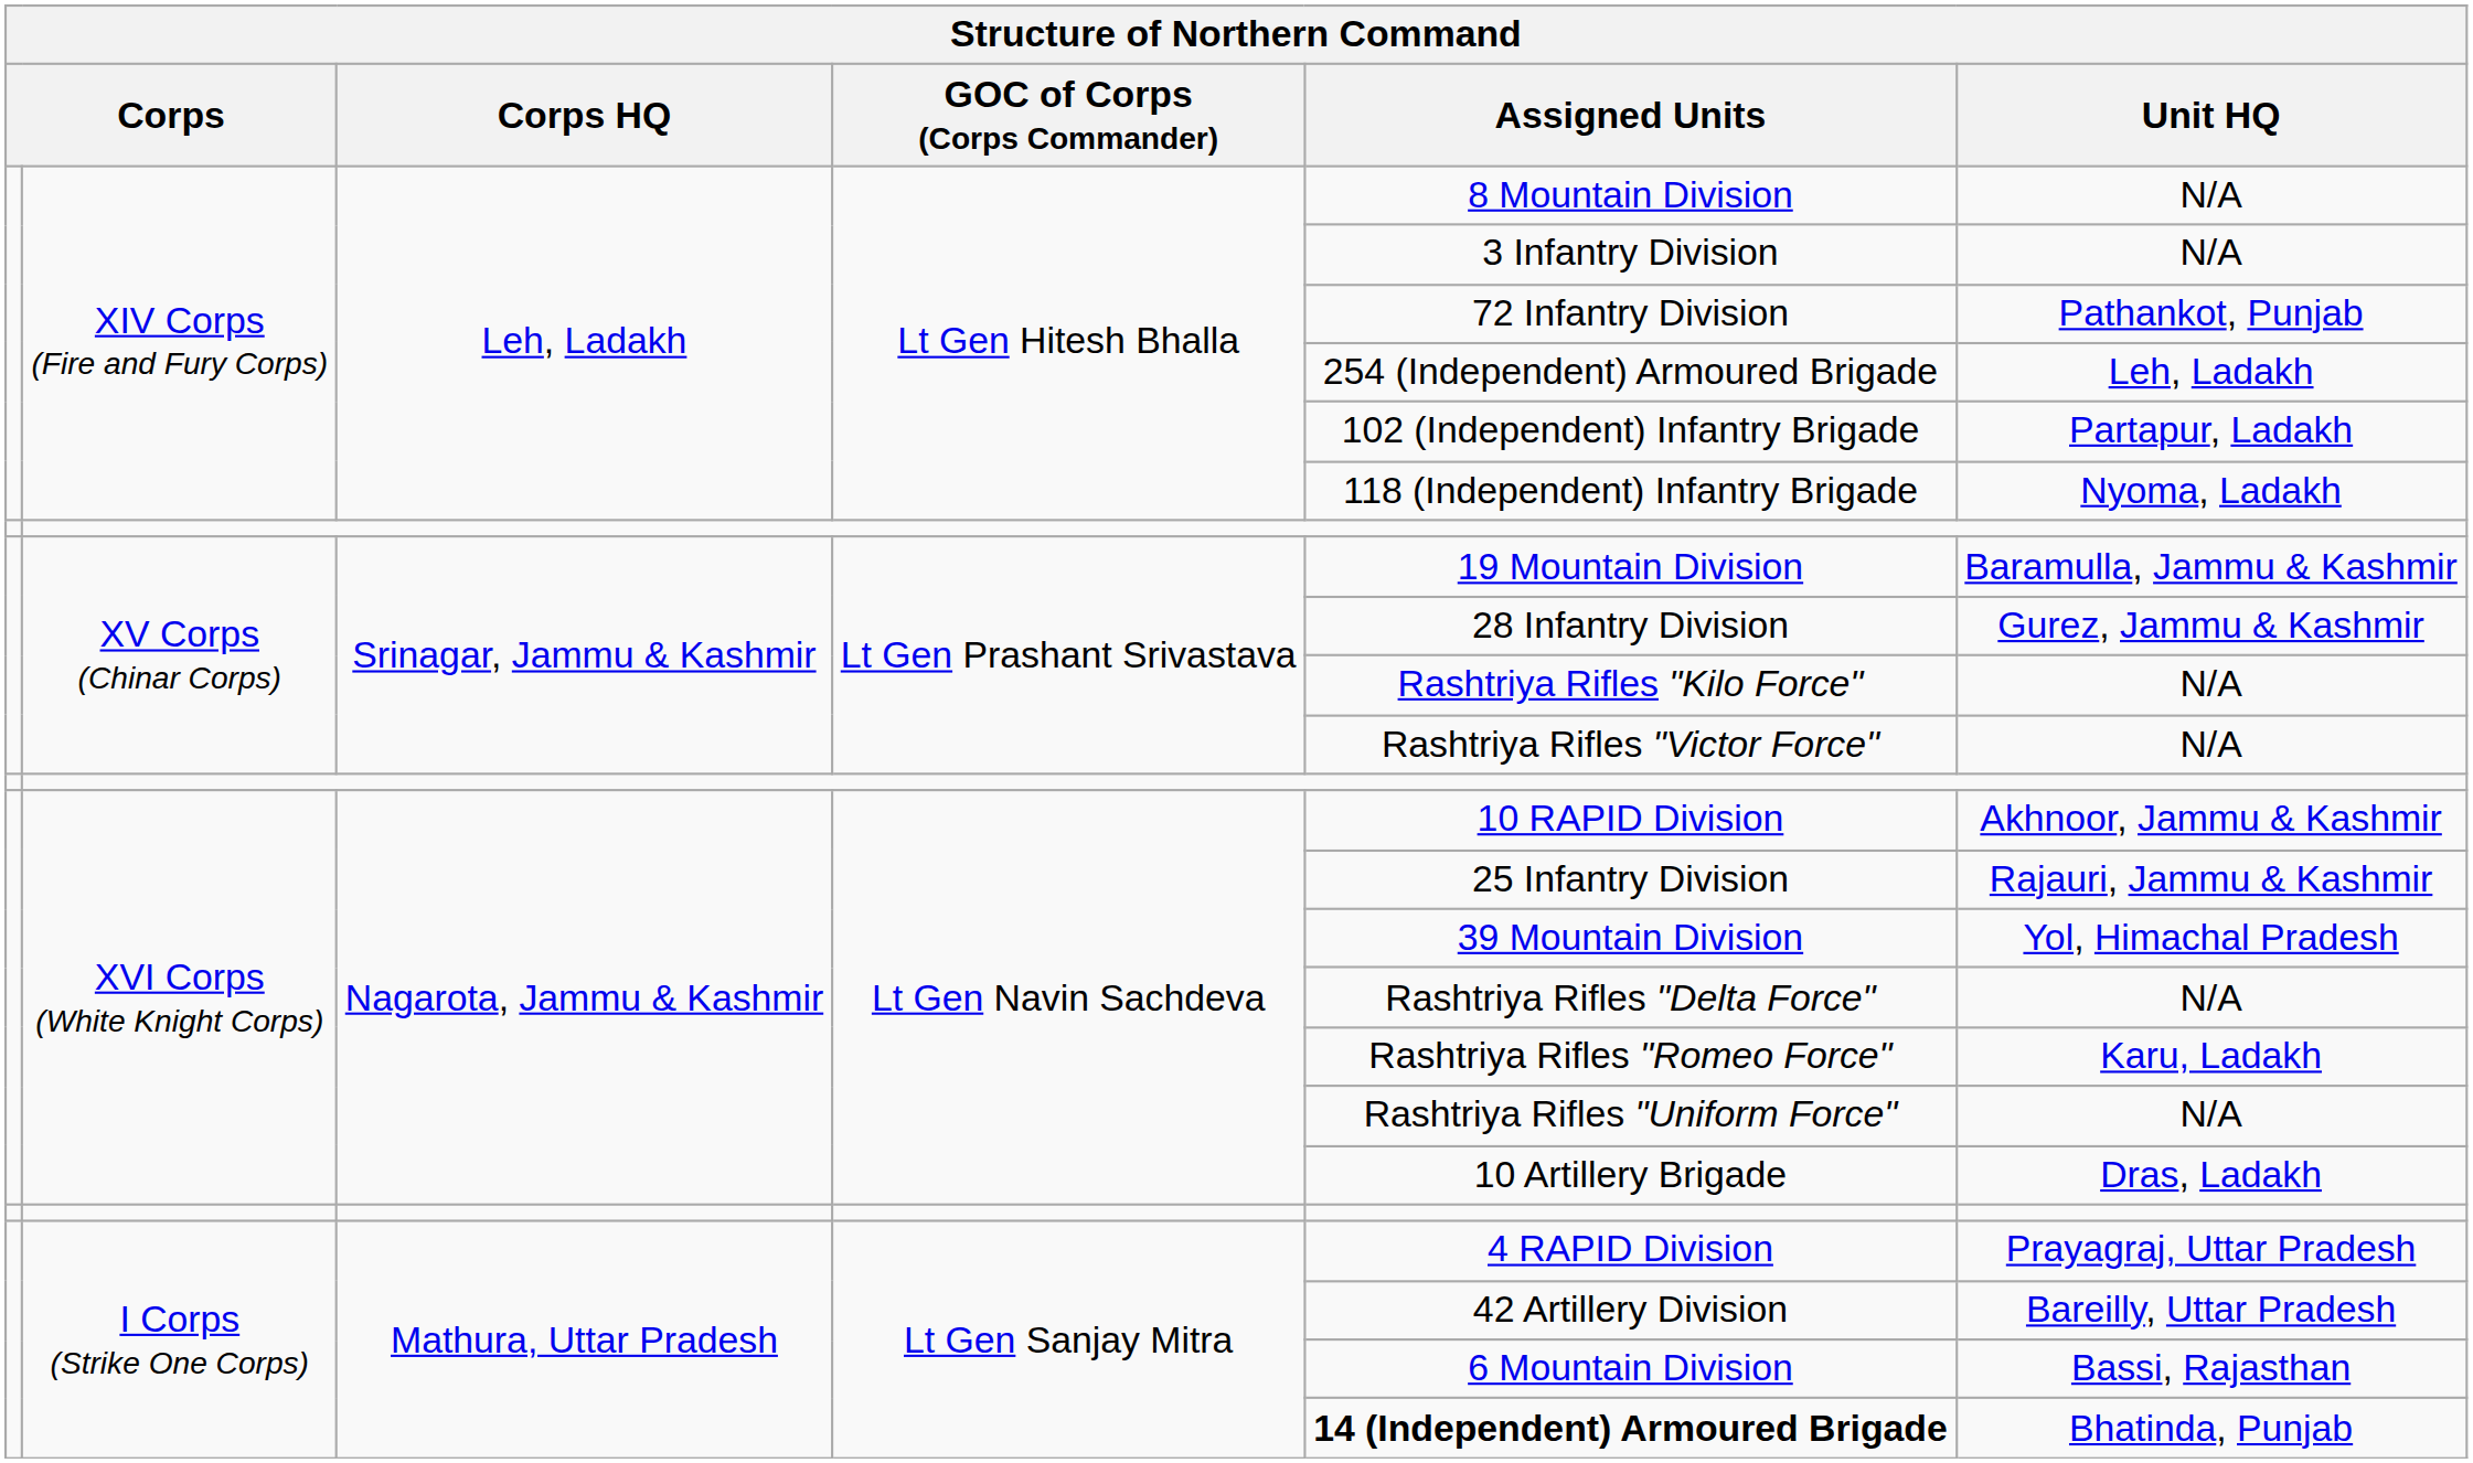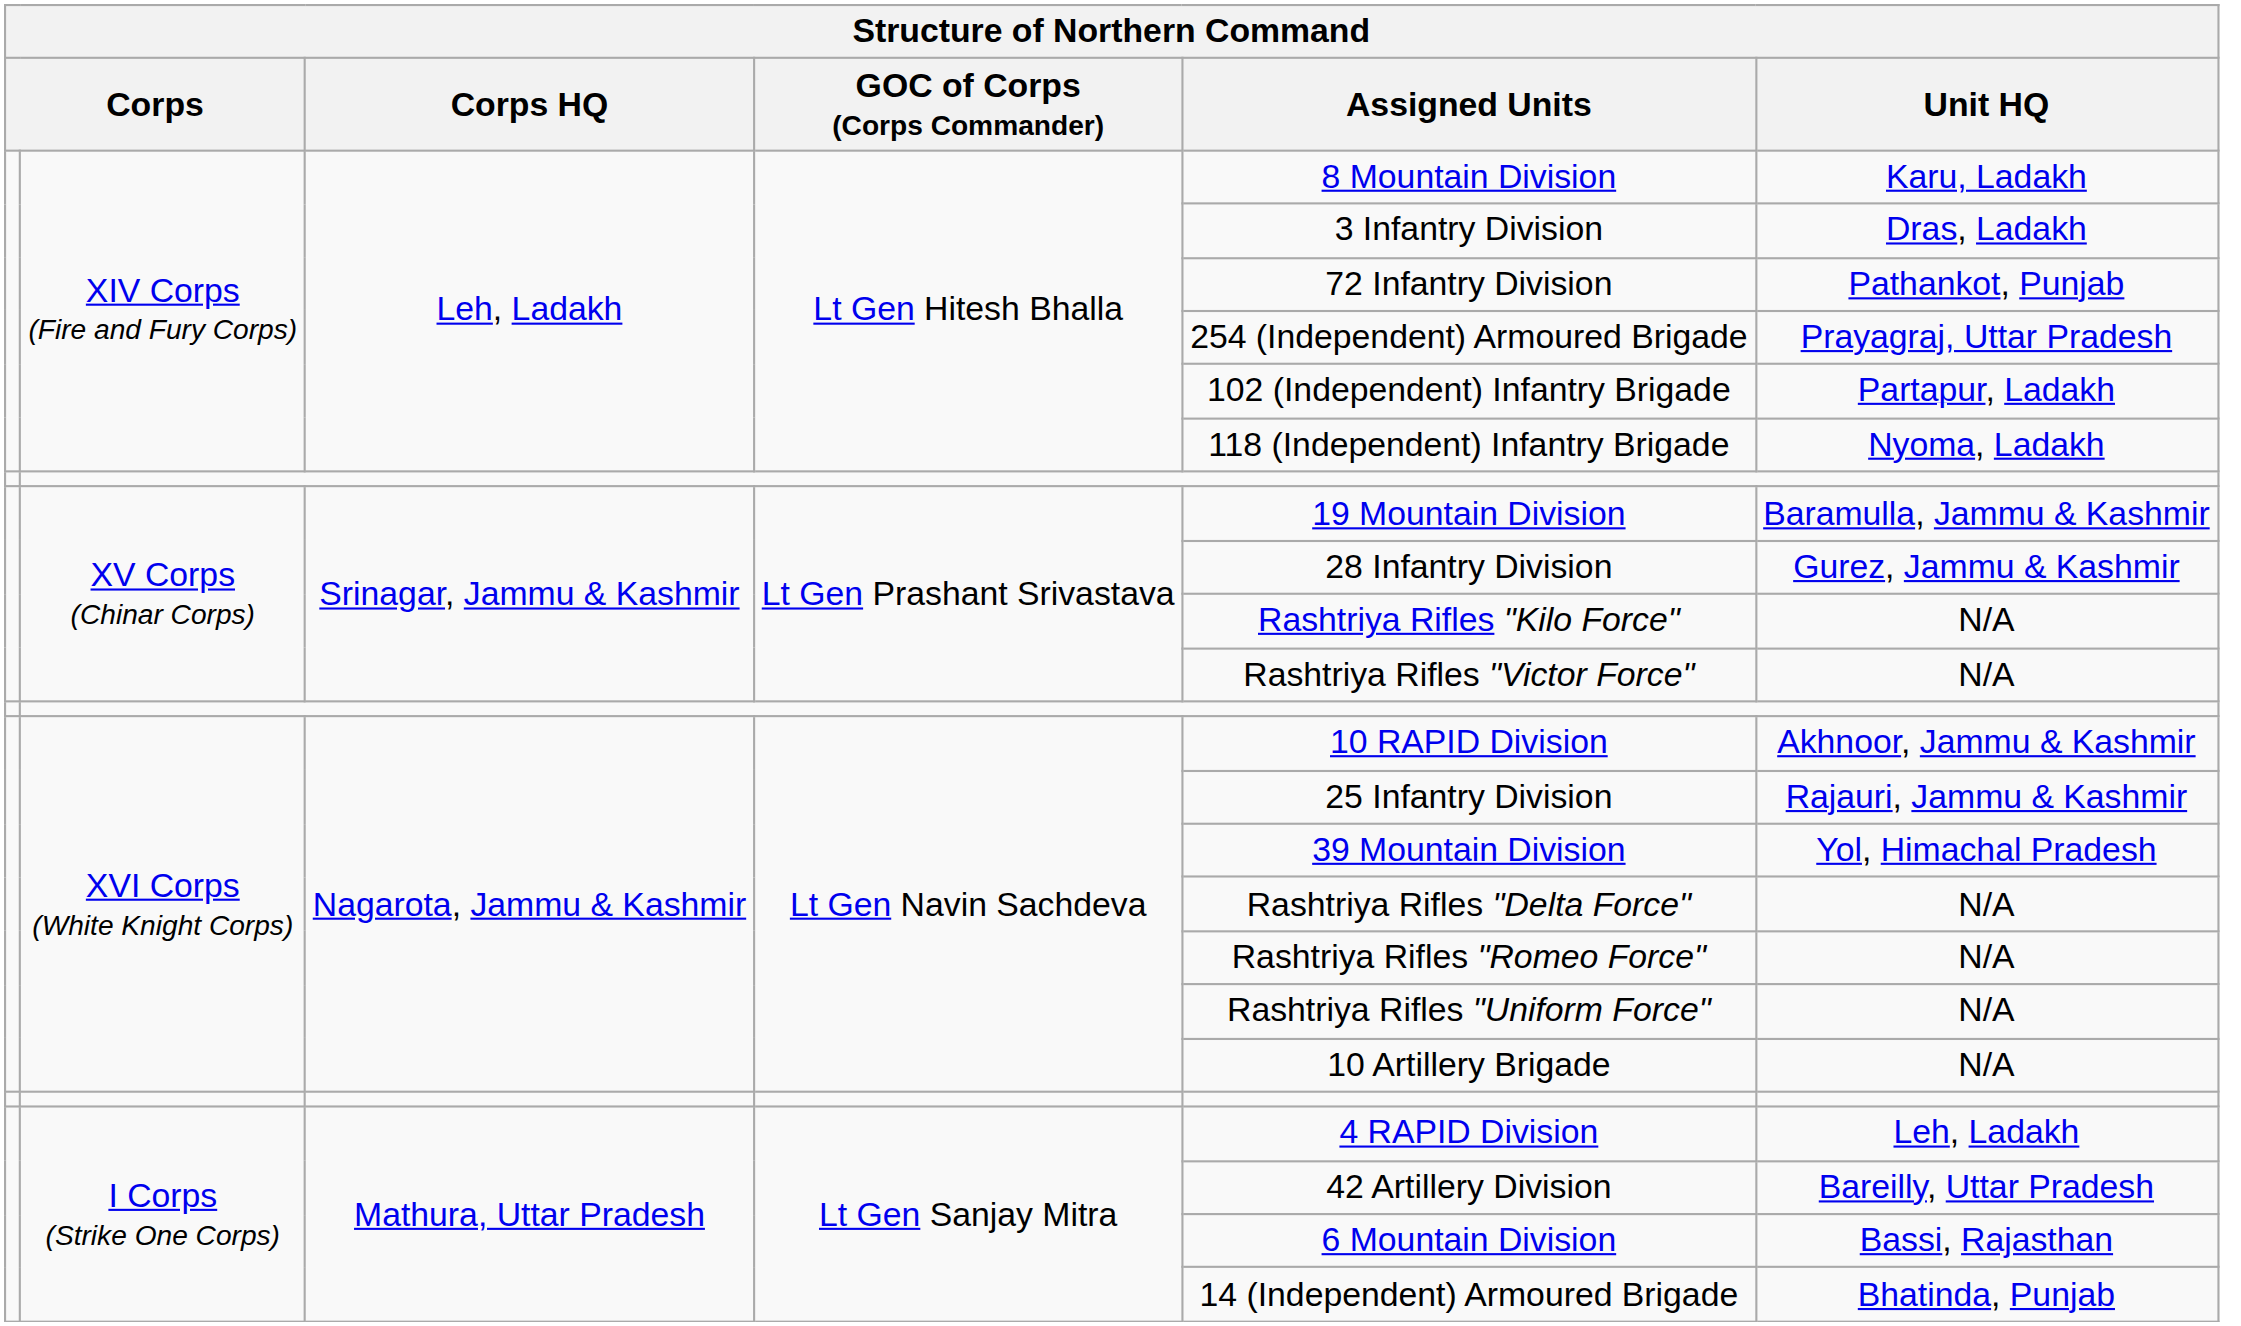 <table class="wikitable" style="text-align:center">
 <tr>
 <th colspan="6">Structure of Northern Command</th>
 </tr>
 <tr>
 <th colspan="2">Corps</th>
 <th>Corps HQ</th>
 <th>GOC of Corps<br><small>(Corps Commander)</small></th>
 <th>Assigned Units</th>
 <th>Unit HQ</th>
 </tr>
 <tr>
 <td rowspan="6"></td>
 <td rowspan="6"><a href='#'>XIV Corps</a><br><em><small>(Fire and Fury Corps)</small></em></td>
 <td rowspan="6"><a href='#'>Leh</a>, <a href='#'>Ladakh</a></td>
 <td rowspan="6"><a href='#'>Lt Gen</a> Hitesh Bhalla</td>
 <td><a href='#'>8 Mountain Division</a></td>
-<td>N/A</td>
+<td><a href='#'>Karu, Ladakh</a></td>
 </tr>
 <tr>
 <td>3 Infantry Division</td>
-<td>N/A</td>
+<td><a href='#'>Dras</a>, <a href='#'>Ladakh</a></td>
 </tr>
 <tr>
 <td>72 Infantry Division</td>
 <td><a href='#'>Pathankot</a>, <a href='#'>Punjab</a></td>
 </tr>
 <tr>
 <td>254 (Independent) Armoured Brigade</td>
-<td><a href='#'>Leh</a>, <a href='#'>Ladakh</a></td>
+<td><a href='#'>Prayagraj, Uttar Pradesh</a></td>
 </tr>
 <tr>
 <td>102 (Independent) Infantry Brigade</td>
 <td><a href='#'>Partapur</a>, <a href='#'>Ladakh</a></td>
 </tr>
 <tr>
 <td>118 (Independent) Infantry Brigade</td>
 <td><a href='#'>Nyoma</a>, <a href='#'>Ladakh</a></td>
 </tr>
 <tr>
 <td></td>
 <td colspan="5"></td>
 </tr>
 <tr>
 <td rowspan="4"></td>
 <td rowspan="4"><a href='#'>XV Corps</a><br><em><small>(Chinar Corps)</small></em></td>
 <td rowspan="4"><a href='#'>Srinagar</a>, <a href='#'>Jammu & Kashmir</a></td>
 <td rowspan="4"><a href='#'>Lt Gen</a> Prashant Srivastava</td>
 <td><a href='#'>19 Mountain Division</a></td>
 <td><a href='#'>Baramulla</a>, <a href='#'>Jammu & Kashmir</a></td>
 </tr>
 <tr>
 <td>28 Infantry Division</td>
 <td><a href='#'>Gurez</a>, <a href='#'>Jammu & Kashmir</a></td>
 </tr>
 <tr>
 <td><a href='#'>Rashtriya Rifles</a> <em>"Kilo Force"</em></td>
 <td>N/A</td>
 </tr>
 <tr>
 <td>Rashtriya Rifles <em>"Victor Force"</em></td>
 <td>N/A</td>
 </tr>
 <tr>
 <td></td>
 <td colspan="5"></td>
 </tr>
 <tr>
 <td rowspan="7"></td>
 <td rowspan="7"><a href='#'>XVI Corps</a><br><em><small>(White Knight Corps)</small></em></td>
 <td rowspan="7"><a href='#'>Nagarota</a>, <a href='#'>Jammu & Kashmir</a></td>
 <td rowspan="7"><a href='#'>Lt Gen</a> Navin Sachdeva</td>
 <td><a href='#'>10 RAPID Division</a></td>
 <td><a href='#'>Akhnoor</a>, <a href='#'>Jammu & Kashmir</a></td>
 </tr>
 <tr>
 <td>25 Infantry Division</td>
 <td><a href='#'>Rajauri</a>, <a href='#'>Jammu & Kashmir</a></td>
 </tr>
 <tr>
 <td><a href='#'>39 Mountain Division</a></td>
 <td><a href='#'>Yol</a>, <a href='#'>Himachal Pradesh</a></td>
 </tr>
 <tr>
 <td>Rashtriya Rifles <em>"Delta Force"</em></td>
 <td>N/A</td>
 </tr>
 <tr>
 <td>Rashtriya Rifles <em>"Romeo Force"</em></td>
-<td><a href='#'>Karu, Ladakh</a></td>
+<td>N/A</td>
 </tr>
 <tr>
 <td>Rashtriya Rifles <em>"Uniform Force"</em></td>
 <td>N/A</td>
 </tr>
 <tr>
 <td>10 Artillery Brigade</td>
-<td><a href='#'>Dras</a>, <a href='#'>Ladakh</a></td>
+<td>N/A</td>
 </tr>
 <tr>
 <td></td>
 <td></td>
 <td></td>
 <td></td>
 <td></td>
 <td></td>
 </tr>
 <tr>
 <td rowspan="4"></td>
 <td rowspan="4"><a href='#'>I Corps</a><br><em><small>(Strike One Corps)</small></em></td>
 <td rowspan="4"><a href='#'>Mathura, Uttar Pradesh</a></td>
 <td rowspan="4"><a href='#'>Lt Gen</a> Sanjay Mitra</td>
 <td><a href='#'>4 RAPID Division</a></td>
-<td><a href='#'>Prayagraj, Uttar Pradesh</a></td>
+<td><a href='#'>Leh</a>, <a href='#'>Ladakh</a></td>
 </tr>
 <tr>
 <td>42 Artillery Division</td>
 <td><a href='#'>Bareilly</a>, <a href='#'>Uttar Pradesh</a></td>
 </tr>
 <tr>
 <td><a href='#'>6 Mountain Division</a></td>
 <td><a href='#'>Bassi</a>, <a href='#'>Rajasthan</a></td>
 </tr>
 <tr>
-<td><strong>14 (Independent) Armoured Brigade</strong></td>
+<td>14 (Independent) Armoured Brigade</td>
 <td><a href='#'>Bhatinda</a>, <a href='#'>Punjab</a></td>
 </tr>
 </table>
